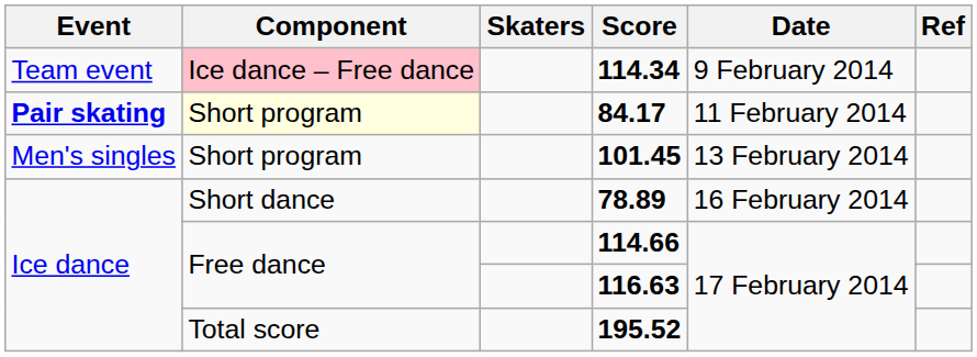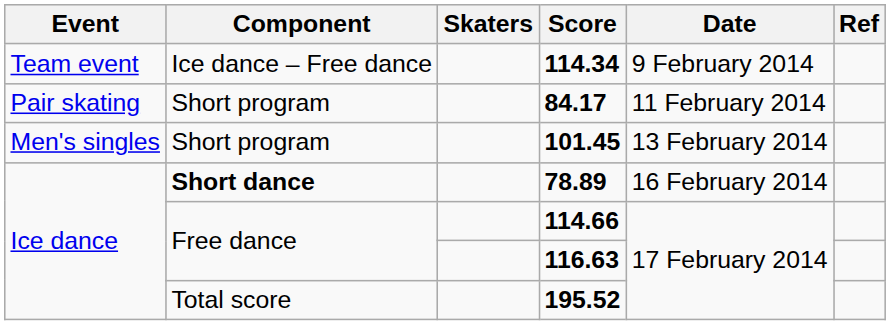 <table class="wikitable sortable">
 <tr>
 <th>Event</th>
 <th>Component</th>
 <th>Skaters</th>
 <th>Score</th>
 <th>Date</th>
 <th>Ref</th>
 </tr>
 <tr>
 <td><a href='#'>Team event</a></td>
-<td style="background: pink;">Ice dance – Free dance</td>
+<td>Ice dance – Free dance</td>
 <td></td>
 <td><strong>114.34</strong></td>
 <td>9 February 2014</td>
 <td></td>
 </tr>
 <tr>
-<td><strong><a href='#'>Pair skating</a></strong></td>
-<td style="background: lightyellow;">Short program</td>
+<td><a href='#'>Pair skating</a></td>
+<td>Short program</td>
 <td></td>
 <td><strong>84.17</strong></td>
 <td>11 February 2014</td>
 <td></td>
 </tr>
 <tr>
 <td><a href='#'>Men's singles</a></td>
 <td>Short program</td>
 <td></td>
 <td><strong>101.45</strong></td>
 <td>13 February 2014</td>
 <td></td>
 </tr>
 <tr>
 <td rowspan=4><a href='#'>Ice dance</a></td>
-<td>Short dance</td>
+<td><strong>Short dance</strong></td>
 <td></td>
 <td><strong>78.89</strong></td>
 <td>16 February 2014</td>
 <td></td>
 </tr>
 <tr>
 <td rowspan=2>Free dance</td>
 <td></td>
 <td><strong>114.66</strong></td>
 <td rowspan=3>17 February 2014</td>
 <td></td>
 </tr>
 <tr>
 <td></td>
 <td><strong>116.63</strong></td>
 <td></td>
 </tr>
 <tr>
 <td>Total score</td>
 <td></td>
 <td><strong>195.52</strong></td>
 <td></td>
 </tr>
 </table>
